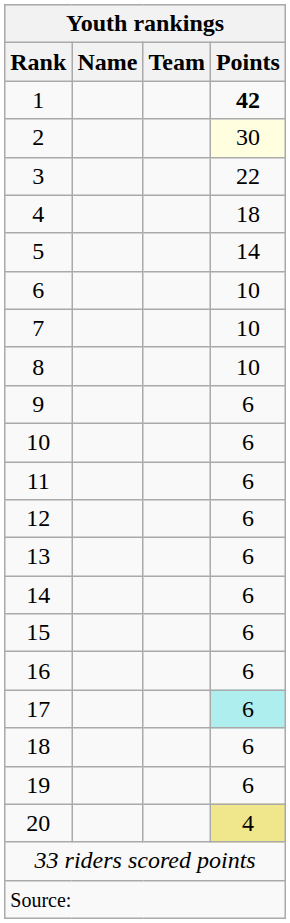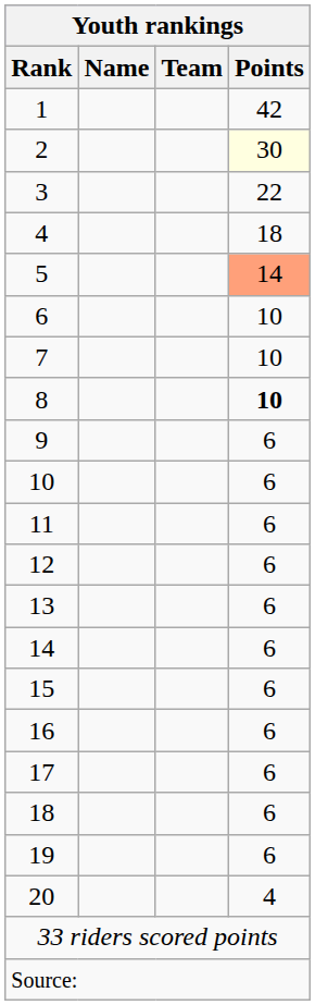 <table class="wikitable">
 <tr style="background:#ccf;">
 <th colspan=4>Youth rankings</th>
 </tr>
 <tr>
 <th>Rank</th>
 <th>Name</th>
 <th>Team</th>
 <th>Points</th>
 </tr>
 <tr>
 <td align=center>1</td>
 <td> </td>
 <td></td>
-<td align=center><strong>42</strong></td>
+<td align=center>42</td>
 </tr>
 <tr>
 <td align=center>2</td>
 <td></td>
 <td></td>
 <td align=center style="background: lightyellow;">30</td>
 </tr>
 <tr>
 <td align=center>3</td>
 <td></td>
 <td></td>
 <td align=center>22</td>
 </tr>
 <tr>
 <td align=center>4</td>
 <td></td>
 <td></td>
 <td align=center>18</td>
 </tr>
 <tr>
 <td align=center>5</td>
 <td></td>
 <td></td>
-<td align=center>14</td>
+<td align=center style="background: lightsalmon;">14</td>
 </tr>
 <tr>
 <td align=center>6</td>
 <td></td>
 <td></td>
 <td align=center>10</td>
 </tr>
 <tr>
 <td align=center>7</td>
 <td></td>
 <td></td>
 <td align=center>10</td>
 </tr>
 <tr>
 <td align=center>8</td>
 <td></td>
 <td></td>
-<td align=center>10</td>
+<td align=center><strong>10</strong></td>
 </tr>
 <tr>
 <td align=center>9</td>
 <td></td>
 <td></td>
 <td align=center>6</td>
 </tr>
 <tr>
 <td align=center>10</td>
 <td></td>
 <td></td>
 <td align=center>6</td>
 </tr>
 <tr>
 <td align=center>11</td>
 <td></td>
 <td></td>
 <td align=center>6</td>
 </tr>
 <tr>
 <td align=center>12</td>
 <td></td>
 <td></td>
 <td align=center>6</td>
 </tr>
 <tr>
 <td align=center>13</td>
 <td></td>
 <td></td>
 <td align=center>6</td>
 </tr>
 <tr>
 <td align=center>14</td>
 <td></td>
 <td></td>
 <td align=center>6</td>
 </tr>
 <tr>
 <td align=center>15</td>
 <td></td>
 <td></td>
 <td align=center>6</td>
 </tr>
 <tr>
 <td align=center>16</td>
 <td></td>
 <td></td>
 <td align=center>6</td>
 </tr>
 <tr>
 <td align=center>17</td>
 <td></td>
 <td></td>
-<td align=center style="background: paleturquoise;">6</td>
+<td align=center>6</td>
 </tr>
 <tr>
 <td align=center>18</td>
 <td></td>
 <td></td>
 <td align=center>6</td>
 </tr>
 <tr>
 <td align=center>19</td>
 <td></td>
 <td></td>
 <td align=center>6</td>
 </tr>
 <tr>
 <td align=center>20</td>
 <td></td>
 <td></td>
-<td align=center style="background: khaki;">4</td>
+<td align=center>4</td>
 </tr>
 <tr>
 <td align=center colspan=4><em>33 riders scored points</em></td>
 </tr>
 <tr>
 <td colspan=4><small>Source:</small></td>
 </tr>
 </table>
